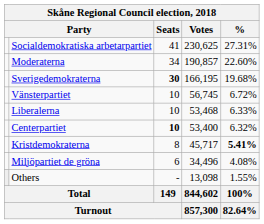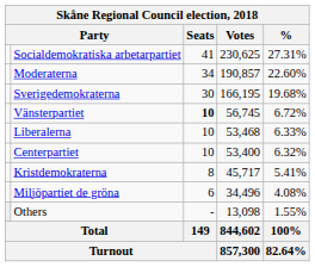 <table class="wikitable">
 <tr>
 <th colspan=5>Skåne Regional Council election, 2018</th>
 </tr>
 <tr>
 <th colspan=2>Party</th>
 <th>Seats</th>
 <th>Votes</th>
 <th>%</th>
 </tr>
 <tr>
 <td bgcolor=></td>
 <td><a href='#'>Socialdemokratiska arbetarpartiet</a></td>
 <td align=right>41</td>
 <td align=right>230,625</td>
 <td align=right>27.31%</td>
 </tr>
 <tr>
 <td bgcolor=></td>
 <td><a href='#'>Moderaterna</a></td>
 <td align=right>34</td>
 <td align=right>190,857</td>
 <td align=right>22.60%</td>
 </tr>
 <tr>
 <td bgcolor=></td>
 <td><a href='#'>Sverigedemokraterna</a></td>
-<td align=right><strong>30</strong></td>
+<td align=right>30</td>
 <td align=right>166,195</td>
 <td align=right>19.68%</td>
 </tr>
 <tr>
 <td bgcolor=></td>
 <td><a href='#'>Vänsterpartiet</a></td>
-<td align=right>10</td>
+<td align=right><strong>10</strong></td>
 <td align=right>56,745</td>
 <td align=right>6.72%</td>
 </tr>
 <tr>
 <td bgcolor=></td>
 <td><a href='#'>Liberalerna</a></td>
 <td align=right>10</td>
 <td align=right>53,468</td>
 <td align=right>6.33%</td>
 </tr>
 <tr>
 <td bgcolor=></td>
 <td><a href='#'>Centerpartiet</a></td>
-<td align=right><strong>10</strong></td>
+<td align=right>10</td>
 <td align=right>53,400</td>
 <td align=right>6.32%</td>
 </tr>
 <tr>
 <td bgcolor=></td>
 <td><a href='#'>Kristdemokraterna</a></td>
 <td align=right>8</td>
 <td align=right>45,717</td>
-<td align=right><strong>5.41%</strong></td>
+<td align=right>5.41%</td>
 </tr>
 <tr>
 <td bgcolor=></td>
 <td><a href='#'>Miljöpartiet de gröna</a></td>
 <td align=right>6</td>
 <td align=right>34,496</td>
 <td align=right>4.08%</td>
 </tr>
 <tr>
 <td bgcolor=#eeeeee></td>
 <td>Others</td>
 <td align=right>-</td>
 <td align=right>13,098</td>
 <td align=right>1.55%</td>
 </tr>
 <tr>
 <th colspan=2>Total</th>
 <th align=right>149</th>
 <th align=right>844,602</th>
 <th align=right>100%</th>
 </tr>
 <tr>
 <th colspan=3>Turnout</th>
 <th align=right>857,300</th>
 <th align=right>82.64%</th>
 </tr>
 </table>
